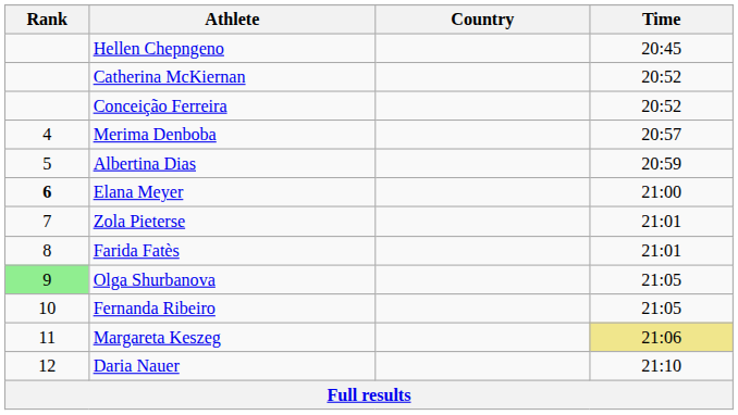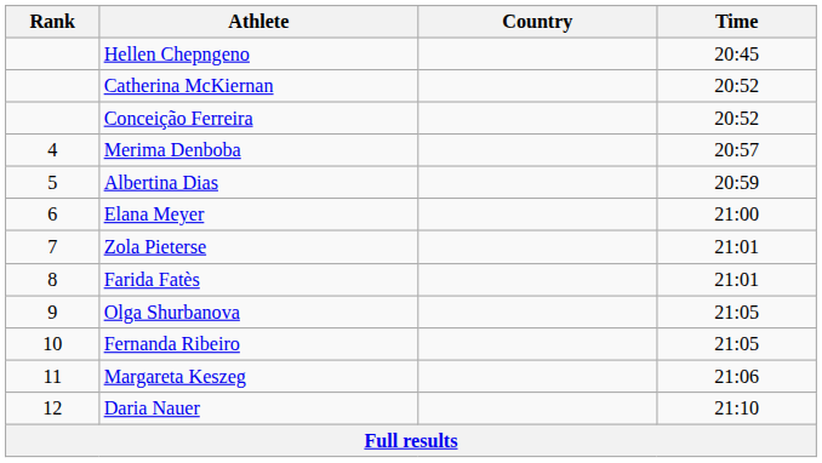 <table class="wikitable sortable" style=" text-align:center; font-size:95%;" width="50%">
 <tr>
 </tr>
 <tr>
 <th width=5%>Rank</th>
 <th width=20%>Athlete</th>
 <th width=15%>Country</th>
 <th width=10%>Time</th>
 </tr>
 <tr>
 <td align=center></td>
 <td align=left><a href='#'>Hellen Chepngeno</a></td>
 <td align=left></td>
 <td>20:45</td>
 </tr>
 <tr>
 <td align=center></td>
 <td align=left><a href='#'>Catherina McKiernan</a></td>
 <td align=left></td>
 <td>20:52</td>
 </tr>
 <tr>
 <td align=center></td>
 <td align=left><a href='#'>Conceição Ferreira</a></td>
 <td align=left></td>
 <td>20:52</td>
 </tr>
 <tr>
 <td align=center>4</td>
 <td align=left><a href='#'>Merima Denboba</a></td>
 <td align=left></td>
 <td>20:57</td>
 </tr>
 <tr>
 <td align=center>5</td>
 <td align=left><a href='#'>Albertina Dias</a></td>
 <td align=left></td>
 <td>20:59</td>
 </tr>
 <tr>
-<td align=center><strong>6</strong></td>
+<td align=center>6</td>
 <td align=left><a href='#'>Elana Meyer</a></td>
 <td align=left></td>
 <td>21:00</td>
 </tr>
 <tr>
 <td align=center>7</td>
 <td align=left><a href='#'>Zola Pieterse</a></td>
 <td align=left></td>
 <td>21:01</td>
 </tr>
 <tr>
 <td align=center>8</td>
 <td align=left><a href='#'>Farida Fatès</a></td>
 <td align=left></td>
 <td>21:01</td>
 </tr>
 <tr>
-<td align=center style="background: lightgreen;">9</td>
+<td align=center>9</td>
 <td align=left><a href='#'>Olga Shurbanova</a></td>
 <td align=left></td>
 <td>21:05</td>
 </tr>
 <tr>
 <td align=center>10</td>
 <td align=left><a href='#'>Fernanda Ribeiro</a></td>
 <td align=left></td>
 <td>21:05</td>
 </tr>
 <tr>
 <td align=center>11</td>
 <td align=left><a href='#'>Margareta Keszeg</a></td>
 <td align=left></td>
-<td style="background: khaki;">21:06</td>
+<td>21:06</td>
 </tr>
 <tr>
 <td align=center>12</td>
 <td align=left><a href='#'>Daria Nauer</a></td>
 <td align=left></td>
 <td>21:10</td>
 </tr>
 <tr class="sortbottom">
 <th colspan=4 align=center><a href='#'>Full results</a></th>
 </tr>
 </table>
